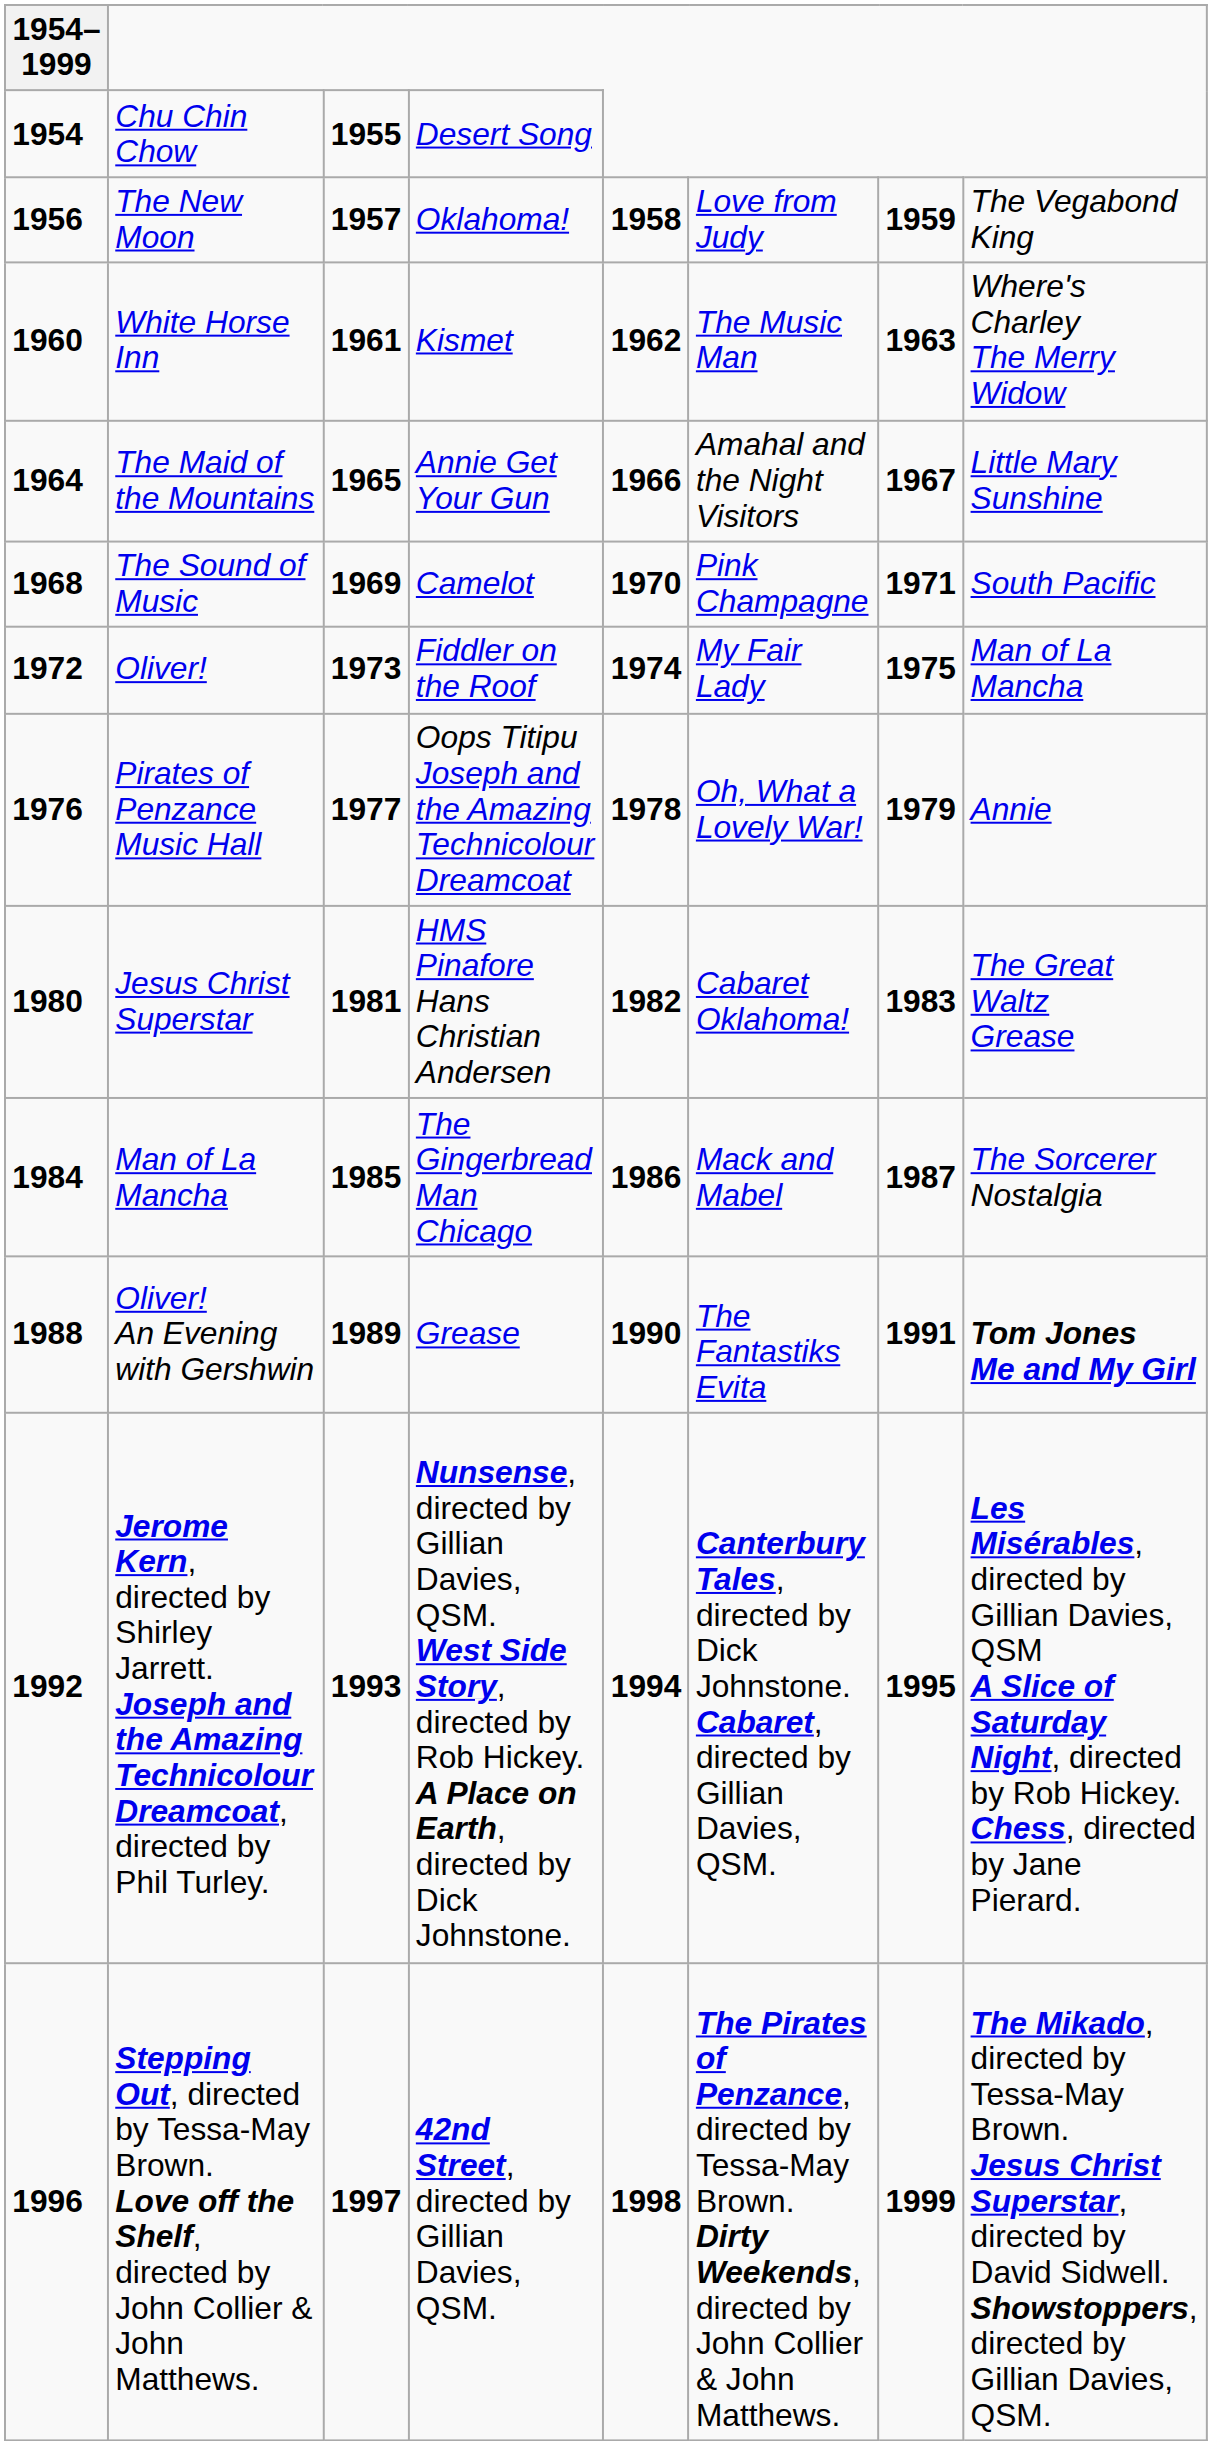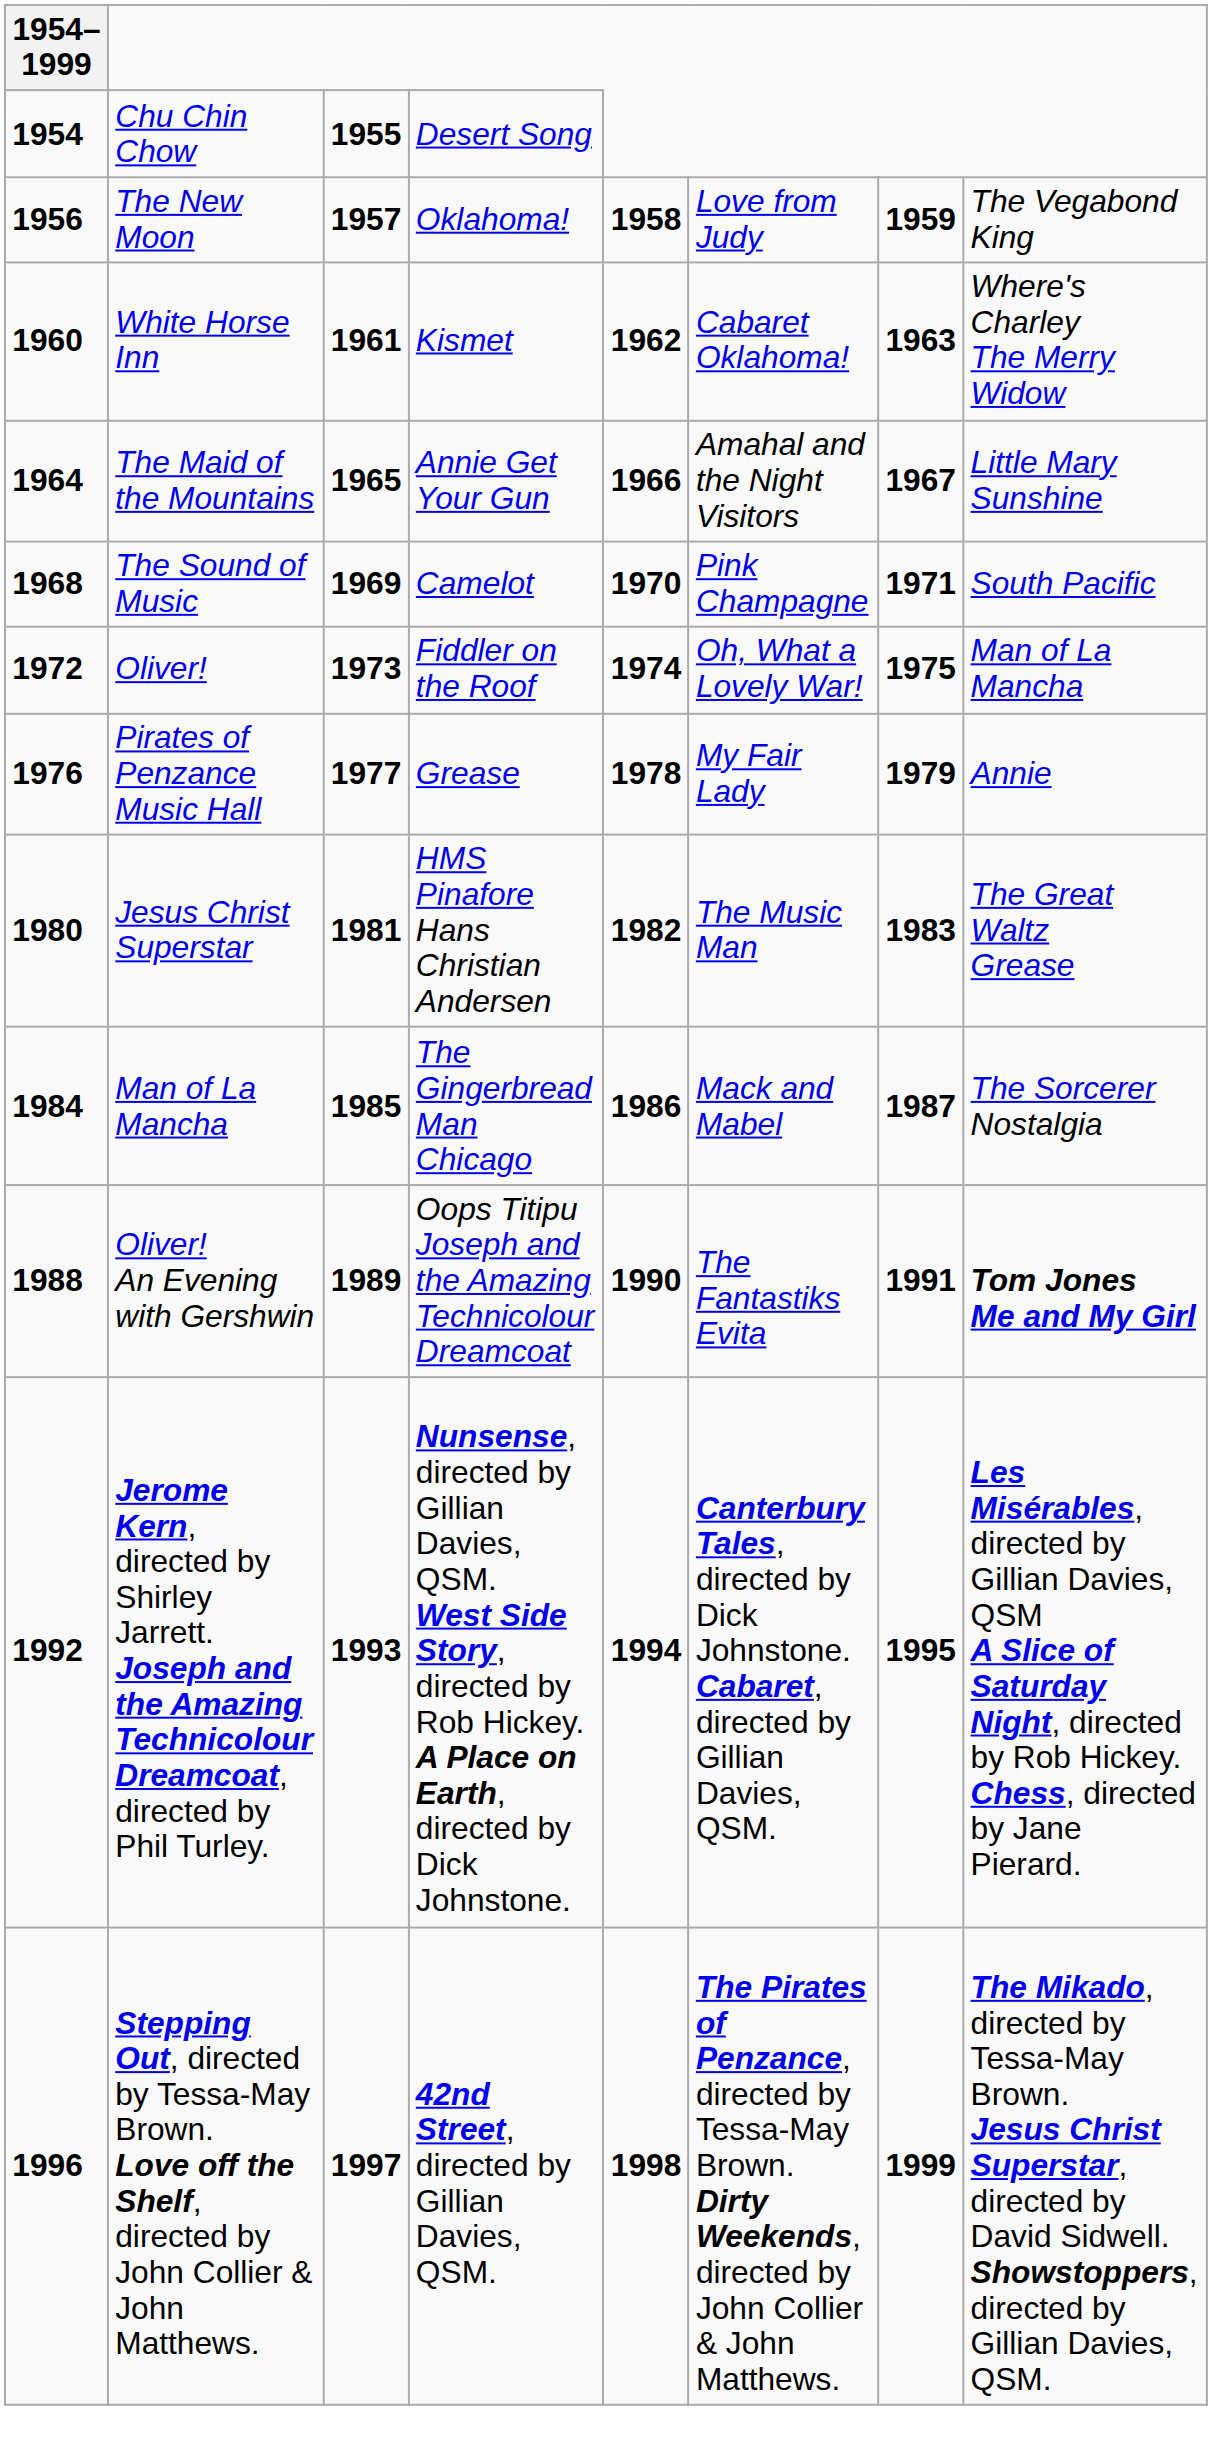 <table class="wikitable mw-collapsible mw-collapsed">
 <tr>
 <th>1954–1999</th>
 </tr>
 <tr>
 <td><strong>1954</strong></td>
 <td><em><a href='#'>Chu Chin Chow</a></em></td>
 <td><strong>1955</strong></td>
 <td><em><a href='#'>Desert Song</a></em></td>
 </tr>
 <tr>
 <td><strong>1956</strong></td>
 <td><em><a href='#'>The New Moon</a></em></td>
 <td><strong>1957</strong></td>
 <td><em><a href='#'>Oklahoma!</a></em></td>
 <td><strong>1958</strong></td>
 <td><em><a href='#'>Love from Judy</a></em></td>
 <td><strong>1959</strong></td>
 <td><em>The Vegabond King</em></td>
 </tr>
 <tr>
 <td><strong>1960</strong></td>
 <td><em><a href='#'>White Horse Inn</a></em></td>
 <td><strong>1961</strong></td>
 <td><em><a href='#'>Kismet</a></em></td>
 <td><strong>1962</strong></td>
-<td><em><a href='#'>The Music Man</a></em></td>
+<td><em><a href='#'>Cabaret</a></em><br> <em><a href='#'>Oklahoma!</a></em></td>
 <td><strong>1963</strong></td>
 <td><em>Where's Charley</em><br> <em><a href='#'>The Merry Widow</a></em></td>
 </tr>
 <tr>
 <td><strong>1964</strong></td>
 <td><em><a href='#'>The Maid of the Mountains</a></em></td>
 <td><strong>1965</strong></td>
 <td><em><a href='#'>Annie Get Your Gun</a></em></td>
 <td><strong>1966</strong></td>
 <td><em>Amahal and the Night Visitors</em></td>
 <td><strong>1967</strong></td>
 <td><em><a href='#'>Little Mary Sunshine</a></em></td>
 </tr>
 <tr>
 <td><strong>1968</strong></td>
 <td><em><a href='#'>The Sound of Music</a></em></td>
 <td><strong>1969</strong></td>
 <td><em><a href='#'>Camelot</a></em></td>
 <td><strong>1970</strong></td>
 <td><em><a href='#'>Pink Champagne</a></em></td>
 <td><strong>1971</strong></td>
 <td><em><a href='#'>South Pacific</a></em></td>
 </tr>
 <tr>
 <td><strong>1972</strong></td>
 <td><em><a href='#'>Oliver!</a></em></td>
 <td><strong>1973</strong></td>
 <td><em><a href='#'>Fiddler on the Roof</a></em></td>
 <td><strong>1974</strong></td>
-<td><em><a href='#'>My Fair Lady</a></em></td>
+<td><em><a href='#'>Oh, What a Lovely War!</a></em></td>
 <td><strong>1975</strong></td>
 <td><em><a href='#'>Man of La Mancha</a></em></td>
 </tr>
 <tr>
 <td><strong>1976</strong></td>
 <td><em><a href='#'>Pirates of Penzance</a></em><br> <em><a href='#'>Music Hall</a></em></td>
 <td><strong>1977</strong></td>
-<td><em>Oops Titipu</em><br> <em><a href='#'>Joseph and the Amazing Technicolour Dreamcoat</a></em></td>
+<td><em><a href='#'>Grease</a></em></td>
 <td><strong>1978</strong></td>
-<td><em><a href='#'>Oh, What a Lovely War!</a></em></td>
+<td><em><a href='#'>My Fair Lady</a></em></td>
 <td><strong>1979</strong></td>
 <td><em><a href='#'>Annie</a></em></td>
 </tr>
 <tr>
 <td><strong>1980</strong></td>
 <td><em><a href='#'>Jesus Christ Superstar</a></em></td>
 <td><strong>1981</strong></td>
 <td><em><a href='#'>HMS Pinafore</a></em><br> <em>Hans Christian Andersen</em></td>
 <td><strong>1982</strong></td>
-<td><em><a href='#'>Cabaret</a></em><br> <em><a href='#'>Oklahoma!</a></em></td>
+<td><em><a href='#'>The Music Man</a></em></td>
 <td><strong>1983</strong></td>
 <td><em><a href='#'>The Great Waltz</a></em><br> <em><a href='#'>Grease</a></em></td>
 </tr>
 <tr>
 <td><strong>1984</strong></td>
 <td><em><a href='#'>Man of La Mancha</a></em></td>
 <td><strong>1985</strong></td>
 <td><em><a href='#'>The Gingerbread Man</a></em><br> <em><a href='#'>Chicago</a></em></td>
 <td><strong>1986</strong></td>
 <td><em><a href='#'>Mack and Mabel</a></em></td>
 <td><strong>1987</strong></td>
 <td><em><a href='#'>The Sorcerer</a></em><br> <em>Nostalgia</em></td>
 </tr>
 <tr>
 <td><strong>1988</strong></td>
 <td><em><a href='#'>Oliver!</a></em><br> <em>An Evening with Gershwin</em></td>
 <td><strong>1989</strong></td>
-<td><em><a href='#'>Grease</a></em></td>
+<td><em>Oops Titipu</em><br> <em><a href='#'>Joseph and the Amazing Technicolour Dreamcoat</a></em></td>
 <td><strong>1990</strong></td>
 <td><br><em><a href='#'>The Fantastiks</a></em><br> <em><a href='#'>Evita</a></em></td>
 <td><strong>1991</strong></td>
 <td><br><strong><em>Tom Jones</em></strong><br> <strong><em><a href='#'>Me and My Girl</a></em></strong></td>
 </tr>
 <tr>
 <td><strong>1992</strong></td>
 <td><br><strong><em><a href='#'>Jerome Kern</a></em></strong>, directed by Shirley Jarrett.<br> <strong><em><a href='#'>Joseph and the Amazing Technicolour Dreamcoat</a></em></strong>, directed by Phil Turley.</td>
 <td><strong>1993</strong></td>
 <td><br><strong><em><a href='#'>Nunsense</a></em></strong>, directed by Gillian Davies, QSM.<br> <strong><em><a href='#'>West Side Story</a></em></strong>, directed by Rob Hickey.<br> <strong><em>A Place on Earth</em></strong>, directed by Dick Johnstone.</td>
 <td><strong>1994</strong></td>
 <td><br><strong><em><a href='#'>Canterbury Tales</a></em></strong>, directed by Dick Johnstone.<br> <strong><em><a href='#'>Cabaret</a></em></strong>, directed by Gillian Davies, QSM.</td>
 <td><strong>1995</strong></td>
 <td><br><strong><em><a href='#'>Les Misérables</a></em></strong>, directed by Gillian Davies, QSM<br> <strong><em><a href='#'>A Slice of Saturday Night</a></em></strong>, directed by Rob Hickey.<br> <strong><em><a href='#'>Chess</a></em></strong>, directed by Jane Pierard.</td>
 </tr>
 <tr>
 <td><strong>1996</strong></td>
 <td><br><strong><em><a href='#'>Stepping Out</a></em></strong>, directed by Tessa-May Brown.<br> <strong><em>Love off the Shelf</em></strong>, directed by John Collier & John Matthews.</td>
 <td><strong>1997</strong></td>
 <td><br><strong><em><a href='#'>42nd Street</a></em></strong>, directed by Gillian Davies, QSM.</td>
 <td><strong>1998</strong></td>
 <td><br><strong><em><a href='#'>The Pirates of Penzance</a></em></strong>, directed by Tessa-May Brown.<br> <strong><em>Dirty Weekends</em></strong>, directed by John Collier & John Matthews.</td>
 <td><strong>1999</strong></td>
 <td><br><strong><em><a href='#'>The Mikado</a></em></strong>, directed by Tessa-May Brown.<br> <strong><em><a href='#'>Jesus Christ Superstar</a></em></strong>, directed by David Sidwell.<br> <strong><em>Showstoppers</em></strong>, directed by Gillian Davies, QSM.</td>
 </tr>
 </table>
